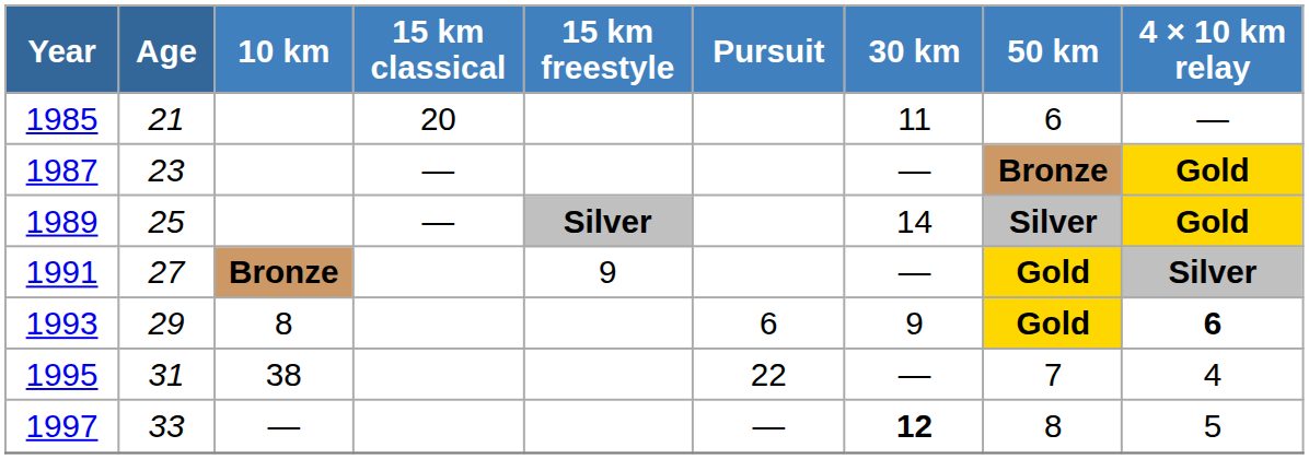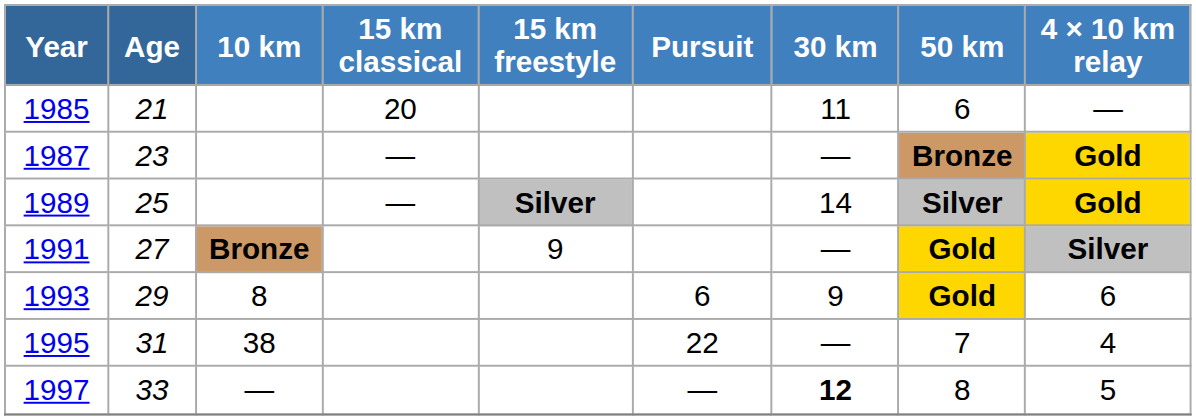 <table class="wikitable" style="font-size:95%; text-align:center; border:grey solid 1px; border-collapse:collapse; background:#ffffff;">
 <tr>
 <th style="background-color:#369; color:white; width:60px;"> Year </th>
 <th style="background-color:#369; color:white; width:40px;"> Age </th>
 <th style="background-color:#4180be; color:white; width:75px;"> 10 km </th>
 <th style="background-color:#4180be; color:white; width:75px;"> 15 km <br> classical </th>
 <th style="background-color:#4180be; color:white; width:75px;"> 15 km <br> freestyle </th>
 <th style="background-color:#4180be; color:white; width:75px;"> Pursuit </th>
 <th style="background-color:#4180be; color:white; width:75px;"> 30 km </th>
 <th style="background-color:#4180be; color:white; width:75px;"> 50 km </th>
 <th style="background-color:#4180be; color:white; width:75px;"> 4 × 10 km <br> relay </th>
 </tr>
 <tr>
 <td><a href='#'>1985</a></td>
 <td><em>21</em></td>
 <td></td>
 <td>20</td>
 <td></td>
 <td></td>
 <td>11</td>
 <td>6</td>
 <td>—</td>
 </tr>
 <tr>
 <td><a href='#'>1987</a></td>
 <td><em>23</em></td>
 <td></td>
 <td>—</td>
 <td></td>
 <td></td>
 <td>—</td>
 <td bgcolor="cc9966"><strong>Bronze</strong></td>
 <td style="background:gold;"><strong>Gold</strong></td>
 </tr>
 <tr>
 <td><a href='#'>1989</a></td>
 <td><em>25</em></td>
 <td></td>
 <td>—</td>
 <td style="background:silver;"><strong>Silver</strong></td>
 <td></td>
 <td>14</td>
 <td style="background:silver;"><strong>Silver</strong></td>
 <td style="background:gold;"><strong>Gold</strong></td>
 </tr>
 <tr>
 <td><a href='#'>1991</a></td>
 <td><em>27</em></td>
 <td bgcolor="cc9966"><strong>Bronze</strong></td>
 <td></td>
 <td>9</td>
 <td></td>
 <td>—</td>
 <td style="background:gold;"><strong>Gold</strong></td>
 <td style="background:silver;"><strong>Silver</strong></td>
 </tr>
 <tr>
 <td><a href='#'>1993</a></td>
 <td><em>29</em></td>
 <td>8</td>
 <td></td>
 <td></td>
 <td>6</td>
 <td>9</td>
 <td style="background:gold;"><strong>Gold</strong></td>
-<td><strong>6</strong></td>
+<td>6</td>
 </tr>
 <tr>
 <td><a href='#'>1995</a></td>
 <td><em>31</em></td>
 <td>38</td>
 <td></td>
 <td></td>
 <td>22</td>
 <td>—</td>
 <td>7</td>
 <td>4</td>
 </tr>
 <tr>
 <td><a href='#'>1997</a></td>
 <td><em>33</em></td>
 <td>—</td>
 <td></td>
 <td></td>
 <td>—</td>
 <td><strong>12</strong></td>
 <td>8</td>
 <td>5</td>
 </tr>
 <tr>
 </tr>
 </table>
